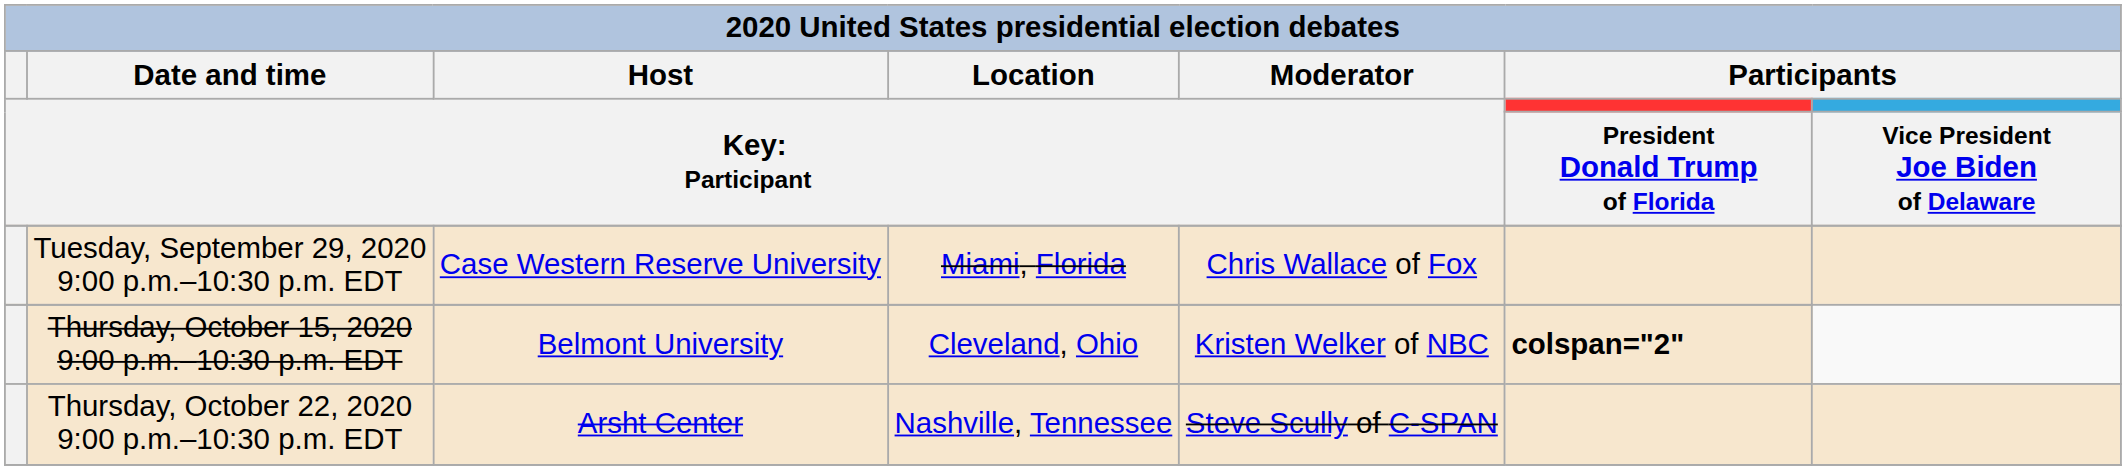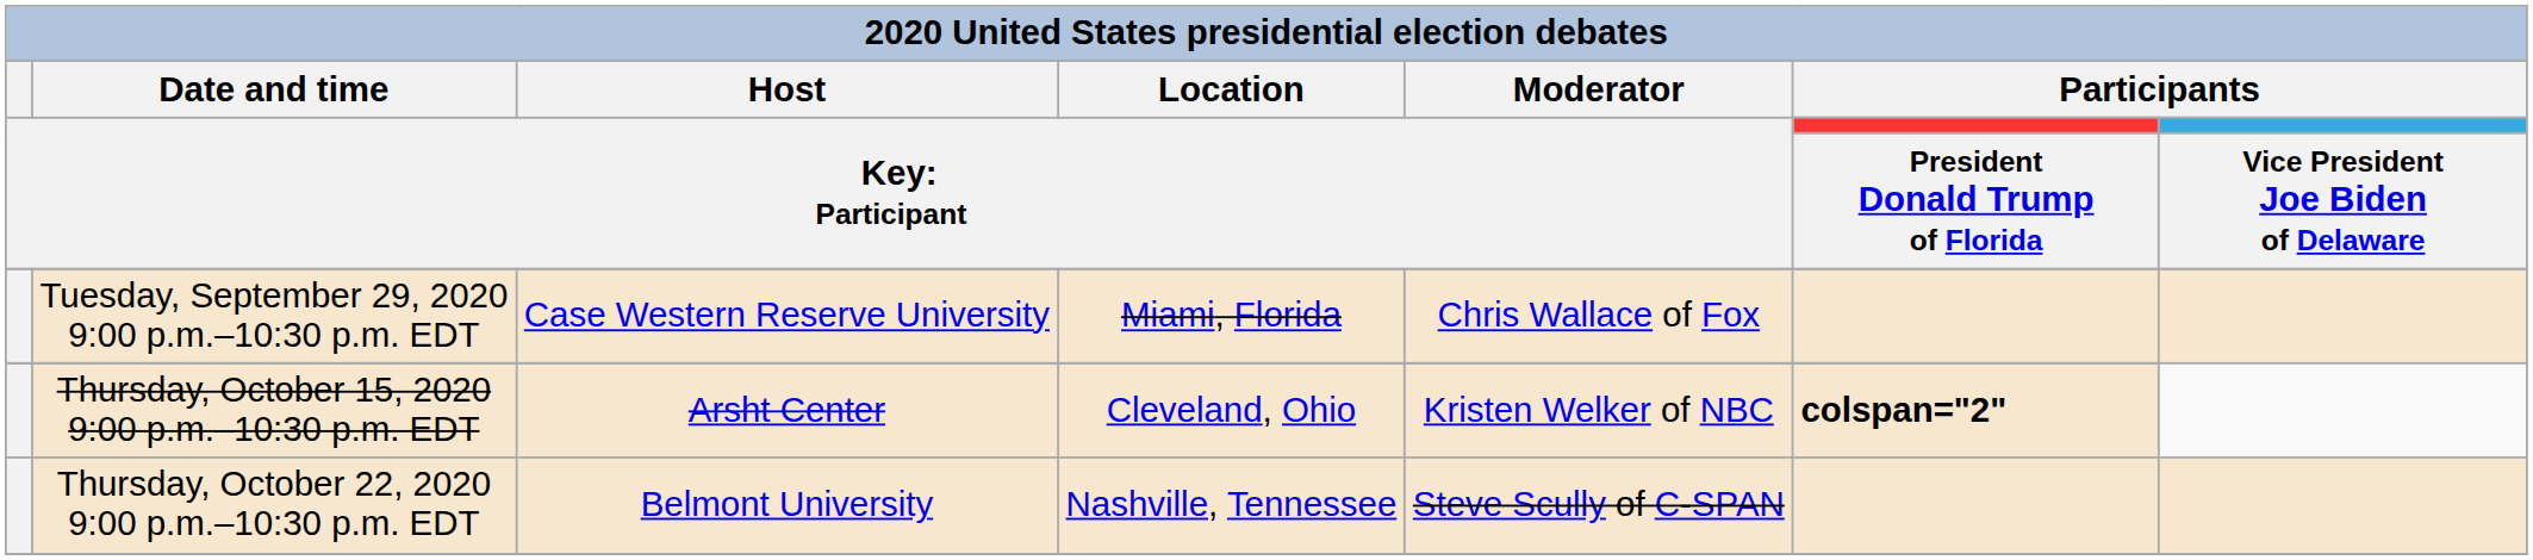 <table class="wikitable">
 <tr>
 <th style="background:#B0C4DE" colspan="16">2020 United States presidential election debates</th>
 </tr>
 <tr>
 <th style="white-space:nowrap;"> </th>
 <th>Date and time</th>
 <th>Host</th>
 <th>Location</th>
 <th>Moderator</th>
 <th scope="col" colspan="10">Participants</th>
 </tr>
 <tr>
 <th colspan="5" rowspan="2">Key:<br> <small>Participant  </small></th>
 <th scope="col" style="width:10em; background: #FF3333;"><small><a href='#'></a></small></th>
 <th scope="col" style="width:10em; background: #34AAE0;"><small><a href='#'></a></small></th>
 </tr>
 <tr>
 <th><small>President</small><br><a href='#'>Donald Trump</a><br><small>of <a href='#'>Florida</a></small></th>
 <th><small>Vice President</small><br><a href='#'>Joe Biden</a><br><small>of <a href='#'>Delaware</a></small></th>
 </tr>
 <tr>
 </tr>
 <tr bgcolor="#F7E7CE">
 <th></th>
 <td style="white-space:nowrap; text-align:center;">Tuesday, September 29, 2020<br>9:00 p.m.–10:30 p.m. EDT</td>
 <td style="white-space:nowrap; text-align:center;"><a href='#'>Case Western Reserve University</a></td>
 <td style="text-align:center;"><s><a href='#'>Miami</a>, <a href='#'>Florida</a></s></td>
 <td style="white-space:nowrap; text-align:center;"><a href='#'>Chris Wallace</a> of <a href='#'>Fox</a></td>
 <td></td>
 <td></td>
 </tr>
 <tr>
 </tr>
 <tr bgcolor="#F7E7CE">
 <th></th>
 <td style="text-align:center;"><s>Thursday, October 15, 2020<br>9:00 p.m.–10:30 p.m. EDT</s></td>
-<td style="text-align:center;"><a href='#'>Belmont University</a></td>
+<td style="text-align:center;"><a href='#'><s>Arsht Center</s></a></td>
 <td style="white-space:nowrap; text-align:center;"><a href='#'>Cleveland</a>, <a href='#'>Ohio</a></td>
 <td style="text-align:center;"><a href='#'>Kristen Welker</a> of <a href='#'>NBC</a></td>
 <td><strong>colspan="2" </strong></td>
 </tr>
 <tr bgcolor="#F7E7CE">
 <th></th>
 <td style="text-align:center;">Thursday, October 22, 2020<br>9:00 p.m.–10:30 p.m. EDT</td>
-<td style="text-align:center;"><a href='#'><s>Arsht Center</s></a></td>
+<td style="text-align:center;"><a href='#'>Belmont University</a></td>
 <td style="text-align:center;"><a href='#'>Nashville</a>, <a href='#'>Tennessee</a></td>
 <td style="text-align:center;"><s><a href='#'>Steve Scully</a> of <a href='#'>C-SPAN</a></s></td>
 <td></td>
 <td></td>
 </tr>
 <tr>
 </tr>
 </table>
